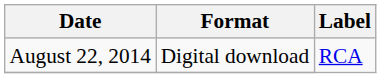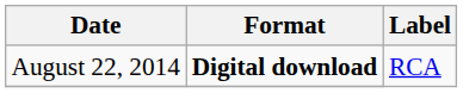 <table class="wikitable plainrowheaders">
 <tr>
 <th scope="col">Date</th>
 <th scope="col">Format</th>
 <th scope="col">Label</th>
 </tr>
 <tr>
 <td>August 22, 2014</td>
-<td>Digital download</td>
+<td><strong>Digital download</strong></td>
 <td rowspan="4"><a href='#'>RCA</a></td>
 </tr>
 <tr>
 </tr>
 </table>
